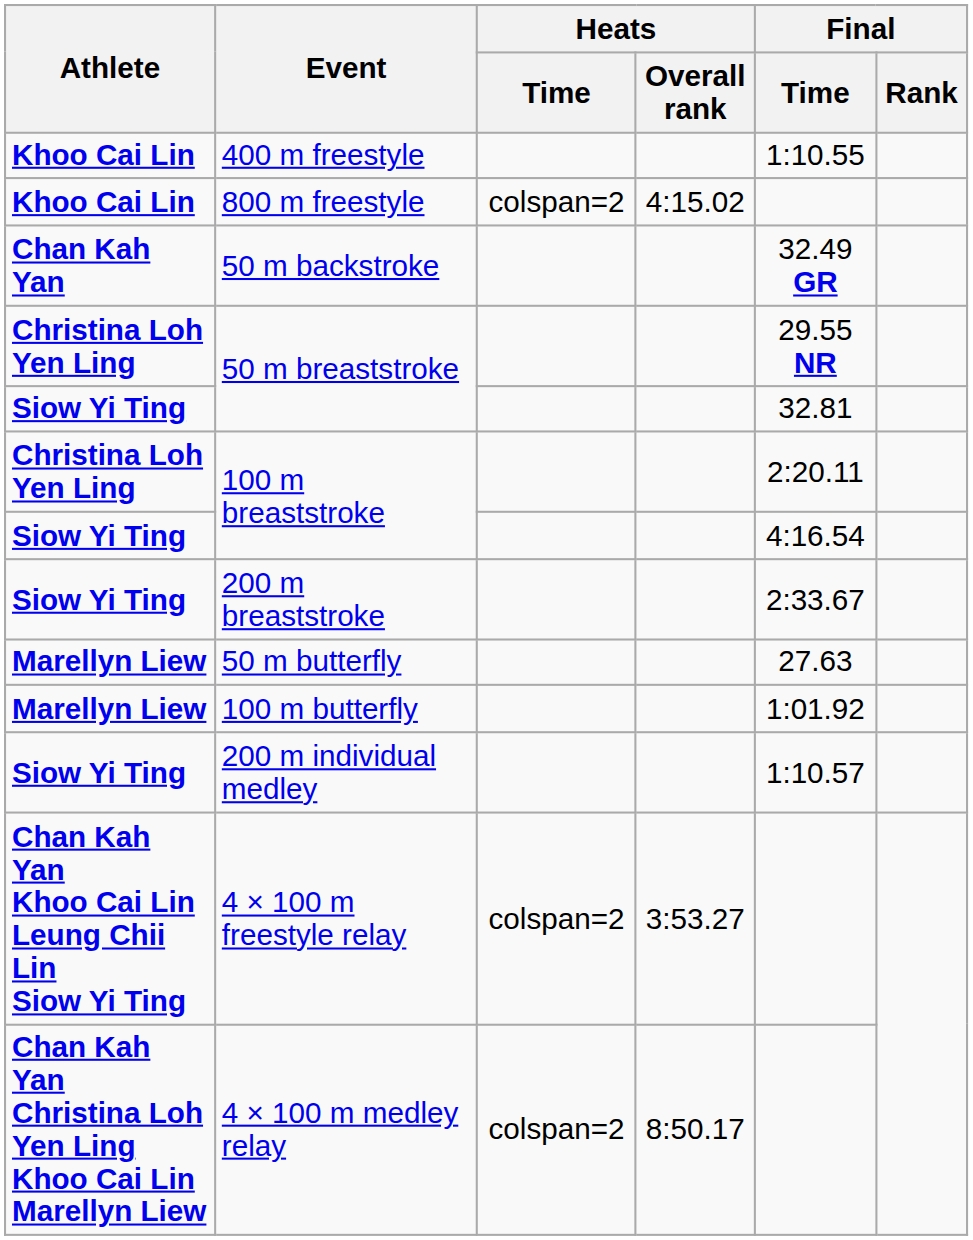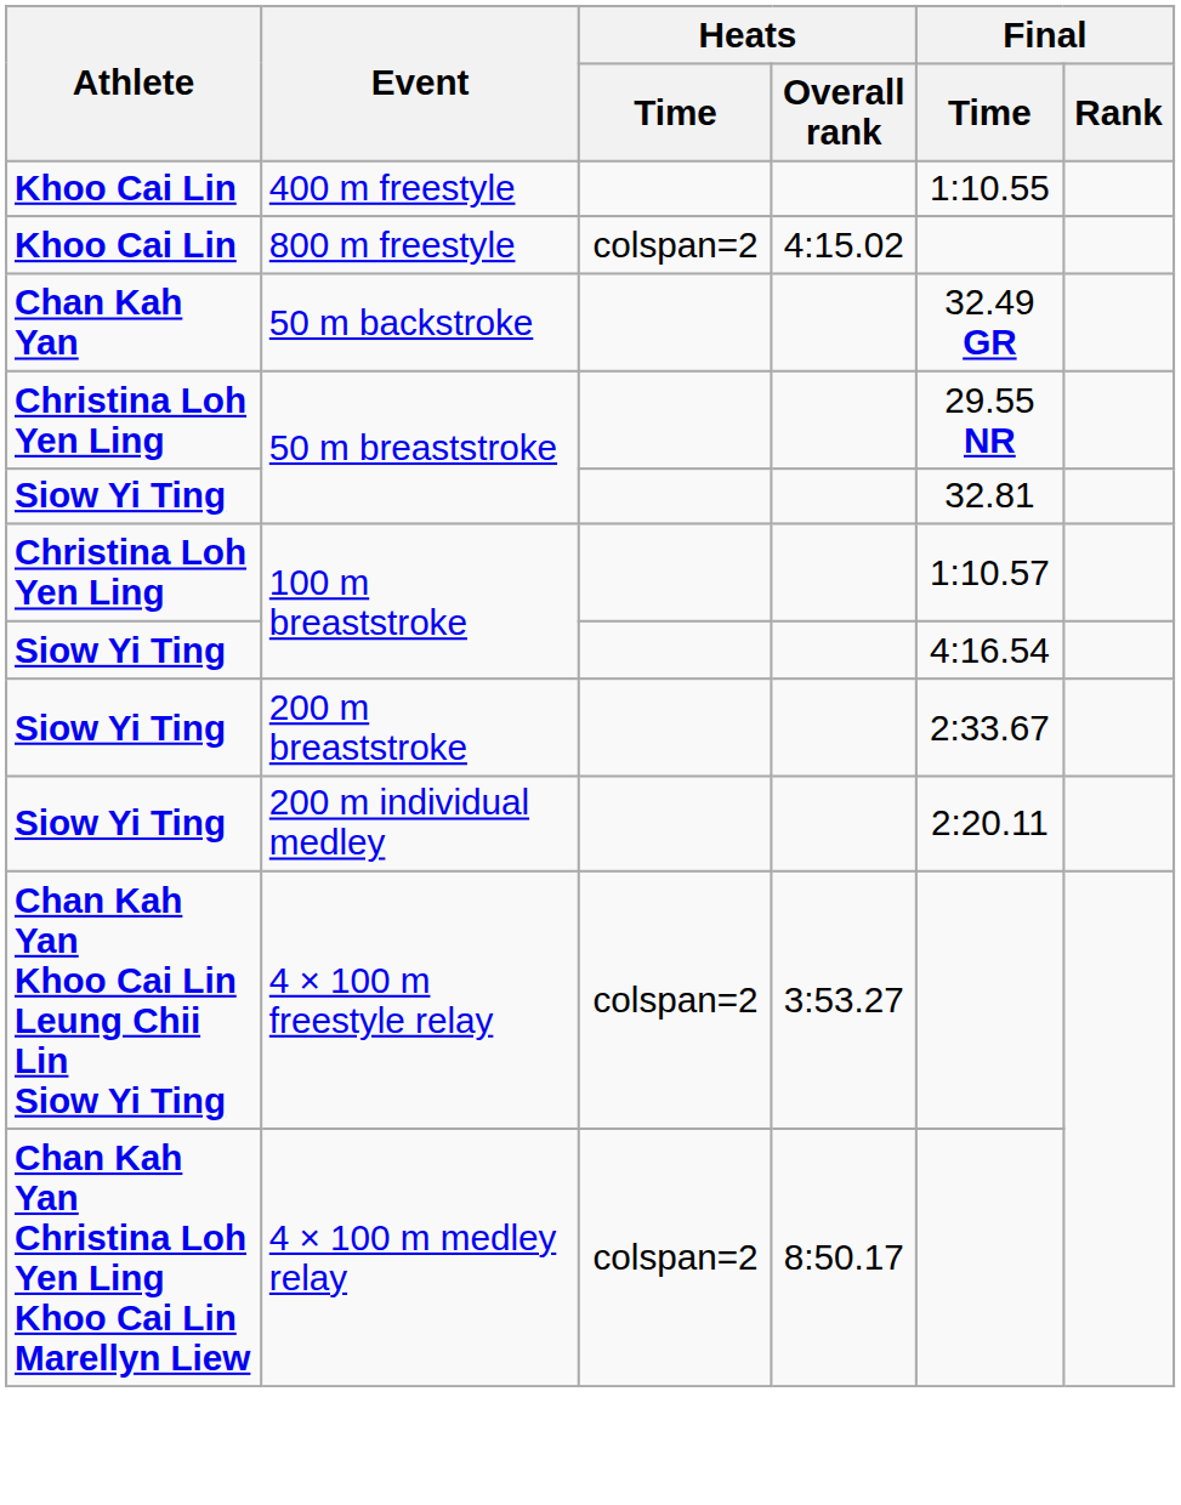 <table class="wikitable" width="75%" style="text-align:center; font-size:90%">
 <tr>
 <th rowspan="2" width="20%">Athlete</th>
 <th rowspan="2" width="25%">Event</th>
 <th colspan="2" width="15%">Heats</th>
 <th colspan="2" width="15%">Final</th>
 </tr>
 <tr>
 <th width="10%">Time</th>
 <th>Overall rank</th>
 <th width="10%">Time</th>
 <th>Rank</th>
 </tr>
 <tr>
 <td align=left><strong><a href='#'>Khoo Cai Lin</a></strong></td>
 <td align=left><a href='#'>400 m freestyle</a></td>
 <td></td>
 <td></td>
 <td>1:10.55</td>
 <td></td>
 </tr>
 <tr>
 <td align=left><strong><a href='#'>Khoo Cai Lin</a></strong></td>
 <td align=left><a href='#'>800 m freestyle</a></td>
 <td>colspan=2 </td>
 <td>4:15.02</td>
 <td></td>
 </tr>
 <tr>
 <td align=left><strong><a href='#'>Chan Kah Yan</a></strong></td>
 <td align=left><a href='#'>50 m backstroke</a></td>
 <td></td>
 <td></td>
 <td>32.49 <strong><a href='#'>GR</a></strong></td>
 <td></td>
 </tr>
 <tr>
 <td align=left><strong><a href='#'>Christina Loh Yen Ling</a></strong></td>
 <td align=left rowspan=2><a href='#'>50 m breaststroke</a></td>
 <td></td>
 <td></td>
 <td>29.55 <strong><a href='#'>NR</a></strong></td>
 <td></td>
 </tr>
 <tr>
 <td align=left><strong><a href='#'>Siow Yi Ting</a></strong></td>
 <td></td>
 <td></td>
 <td>32.81</td>
 <td></td>
 </tr>
 <tr>
 <td align=left><strong><a href='#'>Christina Loh Yen Ling</a></strong></td>
 <td align=left rowspan=2><a href='#'>100 m breaststroke</a></td>
 <td></td>
 <td></td>
-<td>2:20.11</td>
+<td>1:10.57</td>
 <td></td>
 </tr>
 <tr>
 <td align=left><strong><a href='#'>Siow Yi Ting</a></strong></td>
 <td></td>
 <td></td>
 <td>4:16.54</td>
 <td></td>
 </tr>
 <tr>
 <td align=left><strong><a href='#'>Siow Yi Ting</a></strong></td>
 <td align=left><a href='#'>200 m breaststroke</a></td>
 <td></td>
 <td></td>
 <td>2:33.67</td>
 <td></td>
 </tr>
 <tr>
-<td align=left><strong><a href='#'>Marellyn Liew</a></strong></td>
-<td align=left><a href='#'>50 m butterfly</a></td>
-<td></td>
-<td></td>
-<td>27.63</td>
-<td></td>
-</tr>
-<tr>
-<td align=left><strong><a href='#'>Marellyn Liew</a></strong></td>
-<td align=left><a href='#'>100 m butterfly</a></td>
-<td></td>
-<td></td>
-<td>1:01.92</td>
-<td></td>
-</tr>
-<tr>
 <td align=left><strong><a href='#'>Siow Yi Ting</a></strong></td>
 <td align=left><a href='#'>200 m individual medley</a></td>
 <td></td>
 <td></td>
-<td>1:10.57</td>
+<td>2:20.11</td>
 <td></td>
 </tr>
 <tr>
 <td align=left><strong><a href='#'>Chan Kah Yan</a><br><a href='#'>Khoo Cai Lin</a><br><a href='#'>Leung Chii Lin</a><br><a href='#'>Siow Yi Ting</a></strong></td>
 <td align=left><a href='#'>4 × 100 m freestyle relay</a></td>
 <td>colspan=2 </td>
 <td>3:53.27</td>
 <td></td>
 </tr>
 <tr>
 <td align=left><strong><a href='#'>Chan Kah Yan</a><br><a href='#'>Christina Loh Yen Ling</a><br><a href='#'>Khoo Cai Lin</a><br><a href='#'>Marellyn Liew</a></strong></td>
 <td align=left><a href='#'>4 × 100 m medley relay</a></td>
 <td>colspan=2 </td>
 <td>8:50.17</td>
 <td></td>
 </tr>
 </table>
